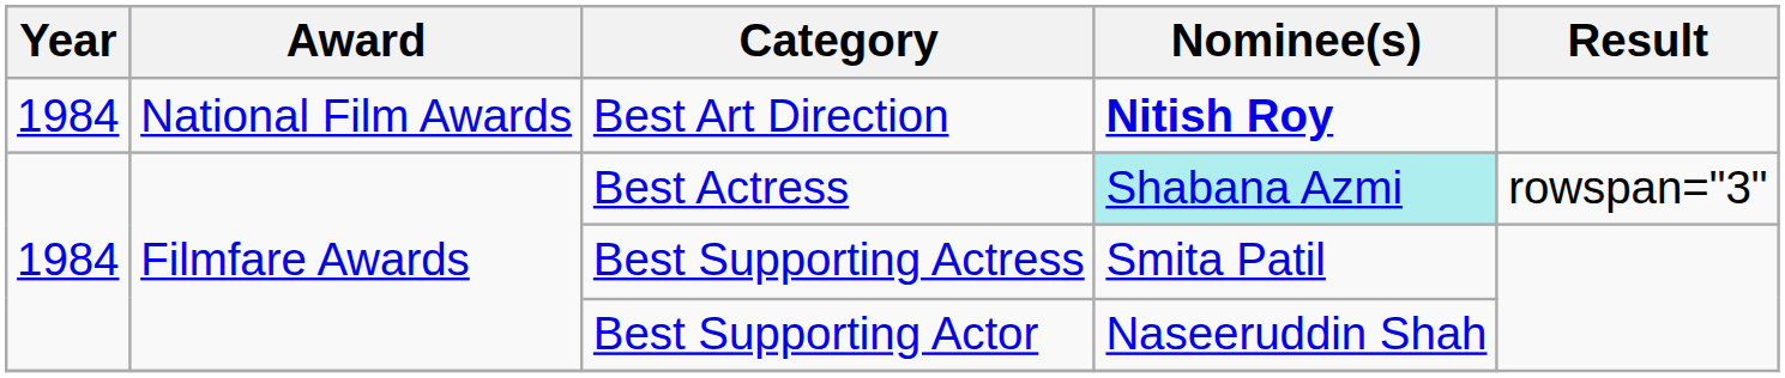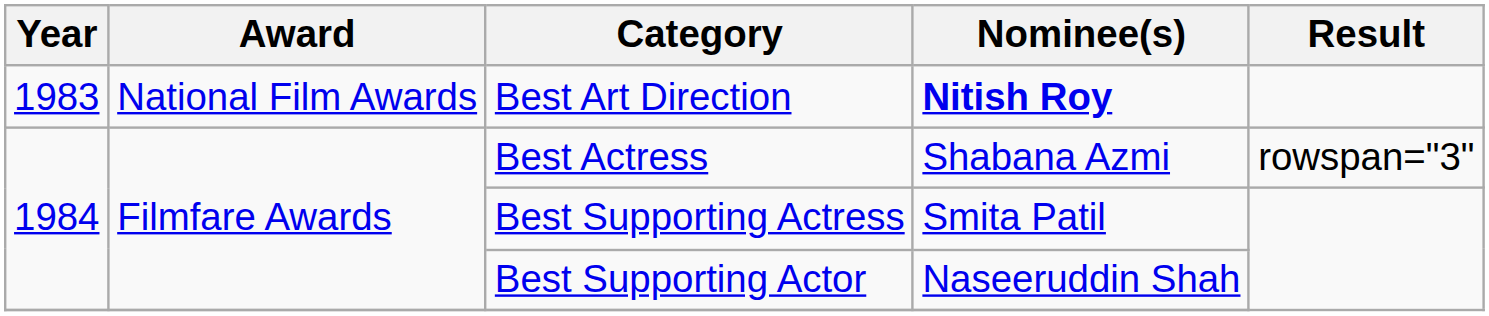 <table class="wikitable plainrowheaders sortable">
 <tr>
 <th scope="col">Year</th>
 <th scope="col">Award</th>
 <th scope="col">Category</th>
 <th scope="col">Nominee(s)</th>
 <th scope="col">Result</th>
 </tr>
 <tr>
-<td><a href='#'>1984</a></td>
+<td><a href='#'>1983</a></td>
 <td><a href='#'>National Film Awards</a></td>
 <td><a href='#'>Best Art Direction</a></td>
 <td><strong><a href='#'>Nitish Roy</a></strong></td>
 <td></td>
 </tr>
 <tr>
 <td rowspan="3"><a href='#'>1984</a></td>
 <td rowspan="3"><a href='#'>Filmfare Awards</a></td>
 <td><a href='#'>Best Actress</a></td>
-<td style="background: paleturquoise;"><a href='#'>Shabana Azmi</a></td>
+<td><a href='#'>Shabana Azmi</a></td>
 <td>rowspan="3"</td>
 </tr>
 <tr>
 <td><a href='#'>Best Supporting Actress</a></td>
 <td><a href='#'>Smita Patil</a></td>
 </tr>
 <tr>
 <td><a href='#'>Best Supporting Actor</a></td>
 <td><a href='#'>Naseeruddin Shah</a></td>
 </tr>
 <tr>
 </tr>
 </table>
